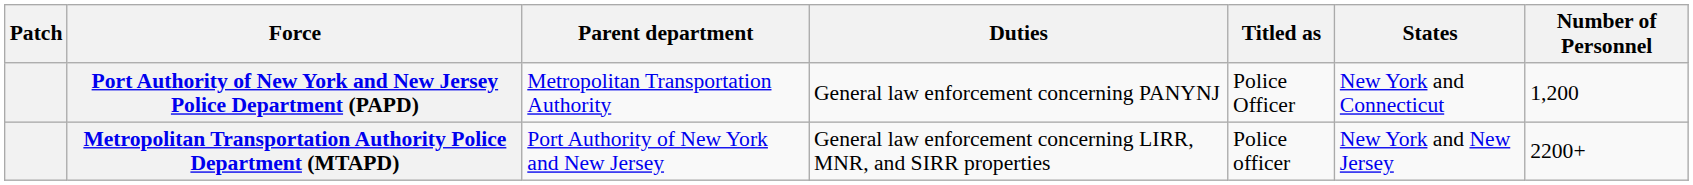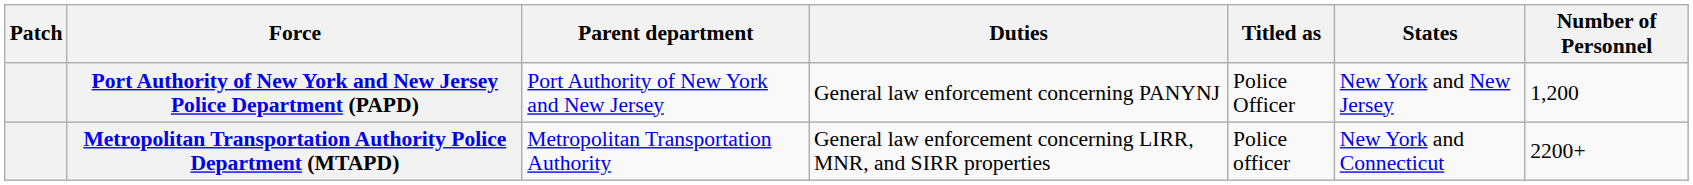 <table class="wikitable sortable" style="text-align:left">
 <tr>
 <th>Patch</th>
 <th>Force</th>
 <th>Parent department</th>
 <th>Duties</th>
 <th>Titled as</th>
 <th>States</th>
 <th>Number of Personnel</th>
 </tr>
 <tr>
 <th></th>
 <th><a href='#'>Port Authority of New York and New Jersey Police Department</a> <strong>(PAPD)</strong></th>
-<td><a href='#'>Metropolitan Transportation Authority</a></td>
+<td><a href='#'>Port Authority of New York and New Jersey</a></td>
 <td>General law enforcement concerning PANYNJ</td>
 <td>Police Officer</td>
-<td><a href='#'>New York</a> and <a href='#'>Connecticut</a></td>
+<td><a href='#'>New York</a> and <a href='#'>New Jersey</a></td>
 <td> 1,200</td>
 </tr>
 <tr>
 <th></th>
 <th><a href='#'>Metropolitan Transportation Authority Police Department</a> (MTAPD)</th>
-<td><a href='#'>Port Authority of New York and New Jersey</a></td>
+<td><a href='#'>Metropolitan Transportation Authority</a></td>
 <td>General law enforcement concerning LIRR, MNR, and SIRR properties</td>
 <td>Police officer</td>
-<td><a href='#'>New York</a> and <a href='#'>New Jersey</a></td>
+<td><a href='#'>New York</a> and <a href='#'>Connecticut</a></td>
 <td> 2200+</td>
 </tr>
 </table>
